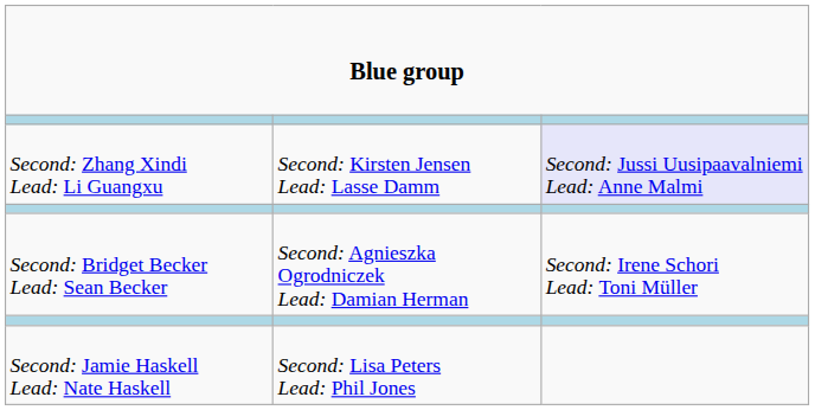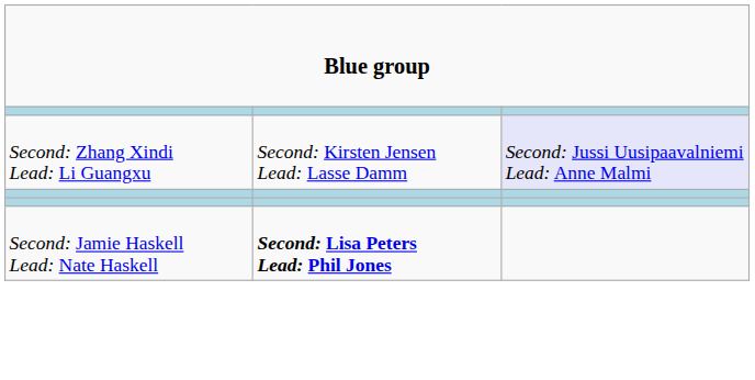 <table class="wikitable">
 <tr>
 <td align=center colspan="3"><br><h3>Blue group</h3></td>
 </tr>
 <tr>
 <th style="background: #ADD8E6;" width="200"></th>
 <th style="background: #ADD8E6;" width="200"></th>
 <th style="background: #ADD8E6;" width="200"></th>
 </tr>
 <tr>
 <td><br><em>Second:</em> <a href='#'>Zhang Xindi</a><br> <em>Lead:</em> <a href='#'>Li Guangxu</a></td>
 <td><br><em>Second:</em> <a href='#'>Kirsten Jensen</a><br> <em>Lead:</em> <a href='#'>Lasse Damm</a></td>
 <td style="background: lavender;"><br><em>Second:</em> <a href='#'>Jussi Uusipaavalniemi</a><br> <em>Lead:</em> <a href='#'>Anne Malmi</a></td>
 </tr>
 <tr>
 <th style="background: #ADD8E6;" width="200"></th>
 <th style="background: #ADD8E6;" width="200"></th>
 <th style="background: #ADD8E6;" width="200"></th>
 </tr>
 <tr>
-<td><br><em>Second:</em> <a href='#'>Bridget Becker</a><br> <em>Lead:</em> <a href='#'>Sean Becker</a></td>
-<td><br><em>Second:</em> <a href='#'>Agnieszka Ogrodniczek</a><br> <em>Lead:</em> <a href='#'>Damian Herman</a></td>
-<td><br><em>Second:</em> <a href='#'>Irene Schori</a><br> <em>Lead:</em> <a href='#'>Toni Müller</a></td>
-</tr>
-<tr>
 <th style="background: #ADD8E6;" width="200"></th>
 <th style="background: #ADD8E6;" width="200"></th>
 <th style="background: #ADD8E6;" width="200"></th>
 </tr>
 <tr>
 <td><br><em>Second:</em> <a href='#'>Jamie Haskell</a><br> <em>Lead:</em> <a href='#'>Nate Haskell</a></td>
-<td><br><em>Second:</em> <a href='#'>Lisa Peters</a><br> <em>Lead:</em> <a href='#'>Phil Jones</a></td>
+<td><strong><br><em>Second:</em> <a href='#'>Lisa Peters</a><br> <em>Lead:</em> <a href='#'>Phil Jones</a></strong></td>
 <td></td>
 </tr>
 </table>
